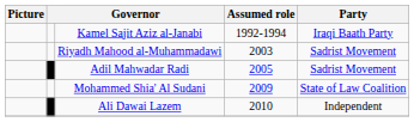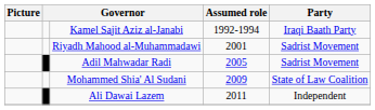 <table class="wikitable" style="text-align:center;">
 <tr>
 <th>Picture</th>
 <th colspan="2">Governor</th>
 <th>Assumed role</th>
 <th>Party</th>
 </tr>
 <tr>
 <td></td>
 <td></td>
 <td><a href='#'>Kamel Sajit Aziz al-Janabi</a></td>
 <td>1992-1994</td>
 <td><a href='#'>Iraqi Baath Party</a></td>
 </tr>
 <tr>
 <td></td>
 <td> </td>
 <td><a href='#'>Riyadh Mahood al-Muhammadawi</a></td>
-<td>2003</td>
+<td>2001</td>
 <td><a href='#'>Sadrist Movement</a></td>
 </tr>
 <tr>
 <td></td>
 <td style="background-color: #000000;"> </td>
 <td><a href='#'>Adil Mahwadar Radi</a></td>
 <td><a href='#'>2005</a></td>
 <td><a href='#'>Sadrist Movement</a></td>
 </tr>
 <tr>
 <td></td>
 <td style="background: "> </td>
 <td><a href='#'>Mohammed Shia' Al Sudani</a></td>
 <td><a href='#'>2009</a></td>
 <td><a href='#'>State of Law Coalition</a></td>
 </tr>
 <tr>
 <td></td>
 <td style="background-color: #000000;"> </td>
 <td><a href='#'>Ali Dawai Lazem</a></td>
-<td>2010</td>
+<td>2011</td>
 <td>Independent</td>
 </tr>
 <tr>
 </tr>
 </table>
